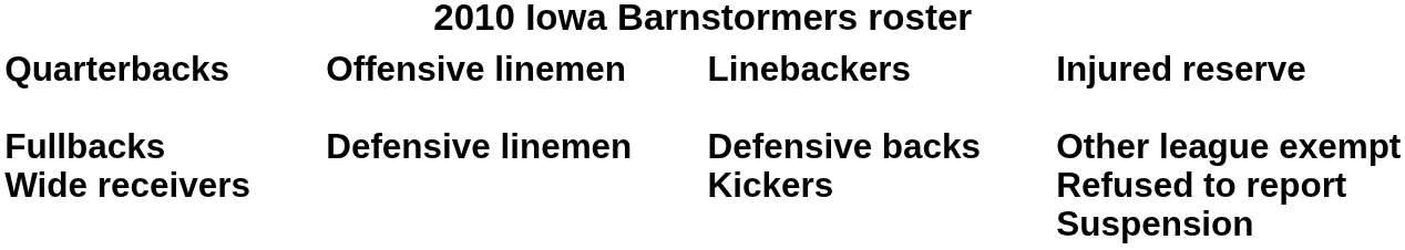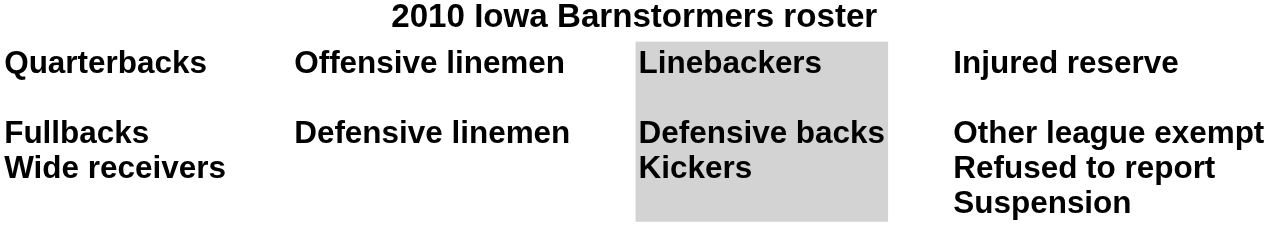 <table class="toccolours" style="text-align: left;">
 <tr>
 <th colspan=8 style="text-align:center; ">2010 Iowa Barnstormers roster</th>
 </tr>
 <tr>
 <td style="font-size: 95%;vertical-align:top;"><strong>Quarterbacks</strong><br> <br><strong>Fullbacks</strong>  <br><strong>Wide receivers</strong>   </td>
 <td style="width: 25px;"></td>
 <td style="font-size: 95%;vertical-align:top;"><strong>Offensive linemen</strong><br>    <br><strong>Defensive linemen</strong>   </td>
 <td style="width: 25px;"></td>
-<td style="font-size: 95%;vertical-align:top;"><strong>Linebackers</strong><br> <br><strong>Defensive backs</strong>    <br><strong>Kickers</strong> </td>
+<td style="background: lightgrey; font-size: 95%;vertical-align:top;"><strong>Linebackers</strong><br> <br><strong>Defensive backs</strong>    <br><strong>Kickers</strong> </td>
 <td style="width: 25px;"></td>
 <td style="font-size: 95%;vertical-align:top;"><strong>Injured reserve</strong><br>  <br><strong>Other league exempt</strong> <br><strong>Refused to report</strong>  <br><strong>Suspension</strong>  </td>
 </tr>
 <tr>
 </tr>
 </table>
